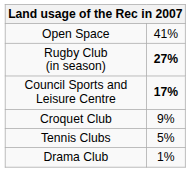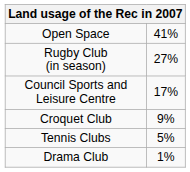 <table class="wikitable"  style="border:darkgrey; text-align:center; margin-left:10px; float:right;">
 <tr>
 <th colspan="2">Land usage of the Rec in 2007</th>
 </tr>
 <tr>
 <td>Open Space</td>
 <td>41%</td>
 </tr>
 <tr>
 <td>Rugby Club<br>(in season)</td>
-<td><strong>27%</strong></td>
+<td>27%</td>
 </tr>
 <tr>
 <td>Council Sports and<br>Leisure Centre</td>
-<td><strong>17%</strong></td>
+<td>17%</td>
 </tr>
 <tr>
 <td>Croquet Club</td>
 <td>9%</td>
 </tr>
 <tr>
 <td>Tennis Clubs</td>
 <td>5%</td>
 </tr>
 <tr>
 <td>Drama Club</td>
 <td>1%</td>
 </tr>
 </table>
